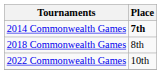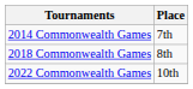 <table class="wikitable collapsible">
 <tr>
 <th>Tournaments</th>
 <th>Place</th>
 </tr>
 <tr>
 <td><a href='#'>2014 Commonwealth Games</a></td>
-<td><strong>7th</strong></td>
+<td>7th</td>
 </tr>
 <tr>
 <td><a href='#'>2018 Commonwealth Games</a></td>
 <td>8th</td>
 </tr>
 <tr>
 <td><a href='#'>2022 Commonwealth Games</a></td>
 <td>10th</td>
 </tr>
 <tr>
 </tr>
 </table>
